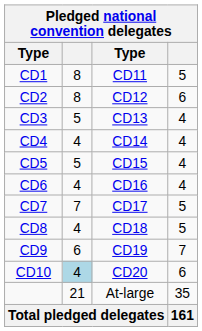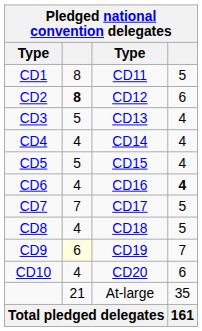 <table class="wikitable sortable" style="font-size:90%;text-align:center;float:right;padding:5px;">
 <tr>
 <th colspan="4">Pledged <a href='#'>national<br>convention</a> delegates</th>
 </tr>
 <tr>
 <th>Type</th>
 <th></th>
 <th>Type</th>
 <th></th>
 </tr>
 <tr>
 <td><a href='#'>CD1</a></td>
 <td>8</td>
 <td><a href='#'>CD11</a></td>
 <td>5</td>
 </tr>
 <tr>
 <td><a href='#'>CD2</a></td>
-<td>8</td>
+<td><strong>8</strong></td>
 <td><a href='#'>CD12</a></td>
 <td>6</td>
 </tr>
 <tr>
 <td><a href='#'>CD3</a></td>
 <td>5</td>
 <td><a href='#'>CD13</a></td>
 <td>4</td>
 </tr>
 <tr>
 <td><a href='#'>CD4</a></td>
 <td>4</td>
 <td><a href='#'>CD14</a></td>
 <td>4</td>
 </tr>
 <tr>
 <td><a href='#'>CD5</a></td>
 <td>5</td>
 <td><a href='#'>CD15</a></td>
 <td>4</td>
 </tr>
 <tr>
 <td><a href='#'>CD6</a></td>
 <td>4</td>
 <td><a href='#'>CD16</a></td>
-<td>4</td>
+<td><strong>4</strong></td>
 </tr>
 <tr>
 <td><a href='#'>CD7</a></td>
 <td>7</td>
 <td><a href='#'>CD17</a></td>
 <td>5</td>
 </tr>
 <tr>
 <td><a href='#'>CD8</a></td>
 <td>4</td>
 <td><a href='#'>CD18</a></td>
 <td>5</td>
 </tr>
 <tr>
 <td><a href='#'>CD9</a></td>
-<td>6</td>
+<td style="background: lightyellow;">6</td>
 <td><a href='#'>CD19</a></td>
 <td>7</td>
 </tr>
 <tr>
 <td><a href='#'>CD10</a></td>
-<td style="background: lightblue;">4</td>
+<td>4</td>
 <td><a href='#'>CD20</a></td>
 <td>6</td>
 </tr>
 <tr>
 <td></td>
 <td>21</td>
 <td>At-large</td>
 <td>35</td>
 </tr>
 <tr>
 <th colspan=3>Total pledged delegates</th>
 <th>161</th>
 </tr>
 </table>
